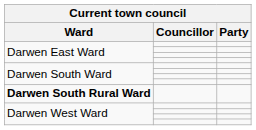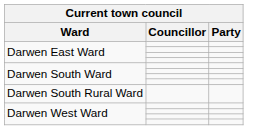 <table class="wikitable sortable">
 <tr>
 <th colspan="4">Current town council</th>
 </tr>
 <tr>
 <th>Ward</th>
 <th>Councillor</th>
 <th colspan="2">Party</th>
 </tr>
 <tr>
 <td rowspan="4">Darwen East Ward</td>
 <td></td>
 <td></td>
 </tr>
 <tr>
 <td></td>
 <td></td>
 </tr>
 <tr>
 <td></td>
 <td></td>
 </tr>
 <tr>
 <td></td>
 <td></td>
 </tr>
 <tr>
 <td rowspan="4">Darwen South Ward</td>
 <td></td>
 <td></td>
 </tr>
 <tr>
 <td></td>
 <td></td>
 </tr>
 <tr>
 <td></td>
 <td></td>
 </tr>
 <tr>
 <td></td>
 <td></td>
 </tr>
 <tr>
-<td><strong>Darwen South Rural Ward</strong></td>
+<td>Darwen South Rural Ward</td>
 <td></td>
 <td></td>
 </tr>
 <tr>
 <td rowspan="4">Darwen West Ward</td>
 <td></td>
 <td></td>
 </tr>
 <tr>
 <td></td>
 <td></td>
 </tr>
 <tr>
 <td></td>
 <td></td>
 </tr>
 <tr>
 <td></td>
 <td></td>
 </tr>
 </table>
